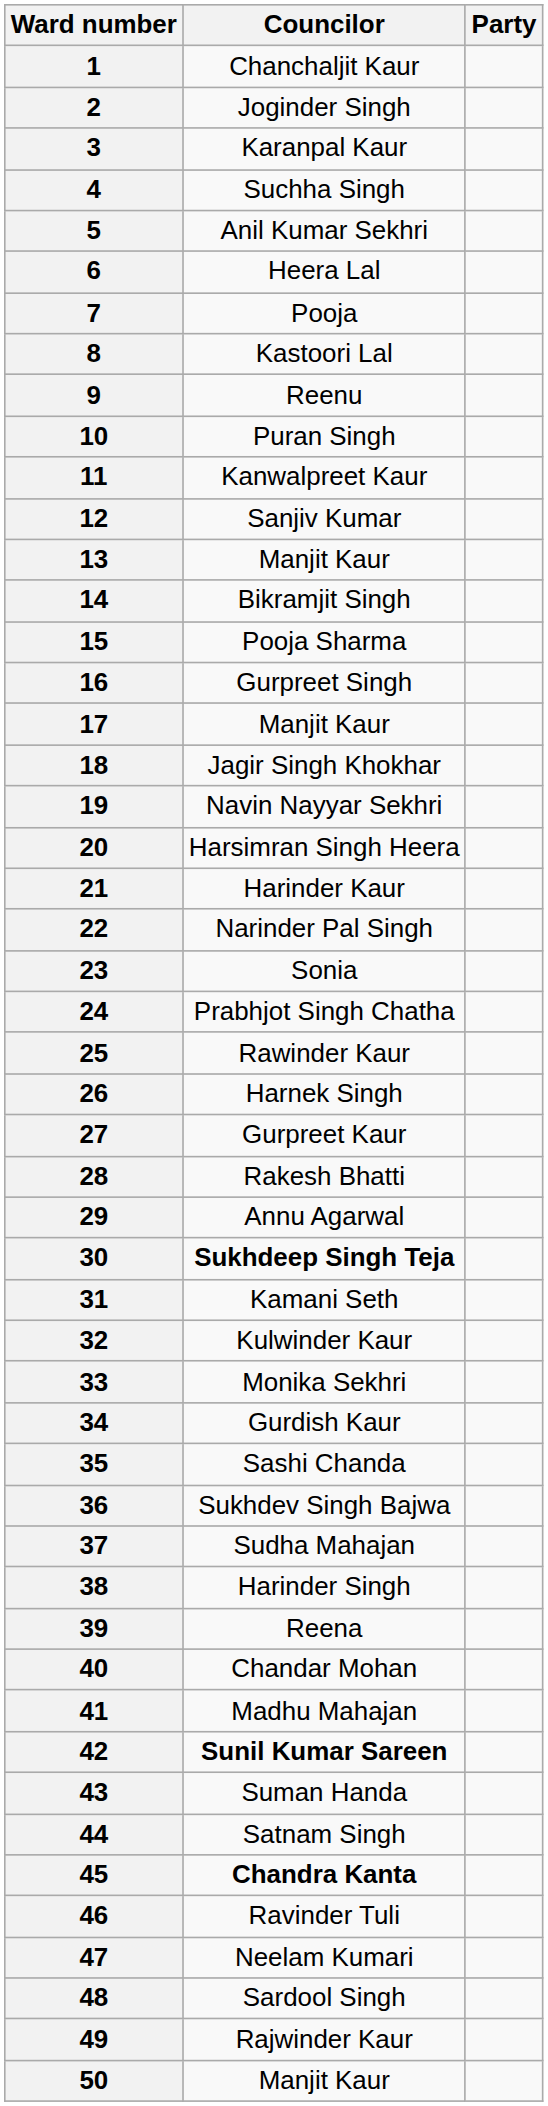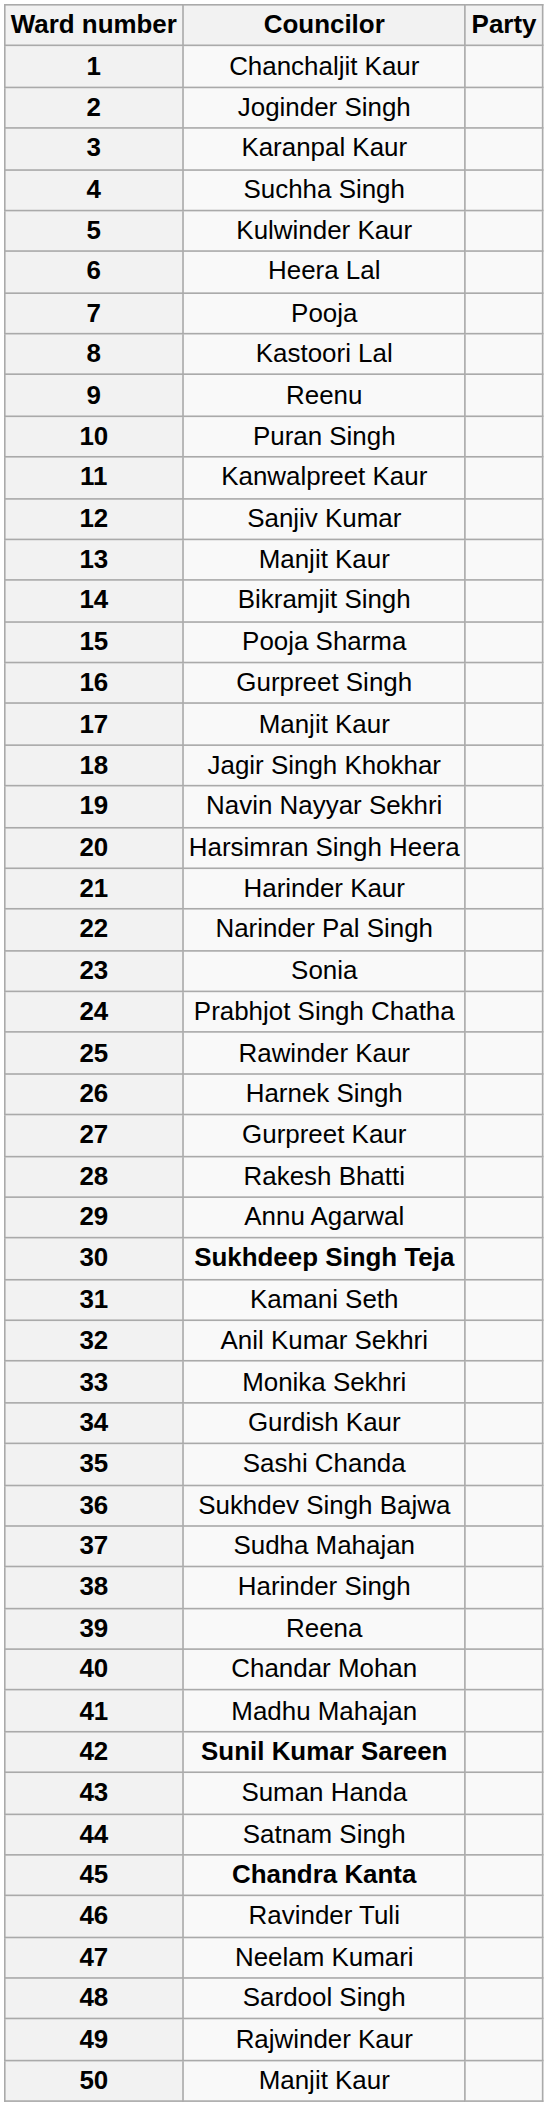 <table class="wikitable" style="text-align:center">
 <tr>
 <th>Ward number</th>
 <th>Councilor</th>
 <th colspan=2>Party</th>
 </tr>
 <tr>
 <th>1</th>
 <td>Chanchaljit Kaur</td>
 <td></td>
 </tr>
 <tr>
 <th>2</th>
 <td>Joginder Singh</td>
 <td></td>
 </tr>
 <tr>
 <th>3</th>
 <td>Karanpal Kaur</td>
 <td></td>
 </tr>
 <tr>
 <th>4</th>
 <td>Suchha Singh</td>
 <td></td>
 </tr>
 <tr>
 <th>5</th>
-<td>Anil Kumar Sekhri</td>
+<td>Kulwinder Kaur</td>
 <td></td>
 </tr>
 <tr>
 <th>6</th>
 <td>Heera Lal</td>
 <td></td>
 </tr>
 <tr>
 <th>7</th>
 <td>Pooja</td>
 <td></td>
 </tr>
 <tr>
 <th>8</th>
 <td>Kastoori Lal</td>
 <td></td>
 </tr>
 <tr>
 <th>9</th>
 <td>Reenu</td>
 <td></td>
 </tr>
 <tr>
 <th>10</th>
 <td>Puran Singh</td>
 <td></td>
 </tr>
 <tr>
 <th>11</th>
 <td>Kanwalpreet Kaur</td>
 <td></td>
 </tr>
 <tr>
 <th>12</th>
 <td>Sanjiv Kumar</td>
 <td></td>
 </tr>
 <tr>
 <th>13</th>
 <td>Manjit Kaur</td>
 <td></td>
 </tr>
 <tr>
 <th>14</th>
 <td>Bikramjit Singh</td>
 <td></td>
 </tr>
 <tr>
 <th>15</th>
 <td>Pooja Sharma</td>
 <td></td>
 </tr>
 <tr>
 <th>16</th>
 <td>Gurpreet Singh</td>
 <td></td>
 </tr>
 <tr>
 <th>17</th>
 <td>Manjit Kaur</td>
 <td></td>
 </tr>
 <tr>
 <th>18</th>
 <td>Jagir Singh Khokhar</td>
 <td></td>
 </tr>
 <tr>
 <th>19</th>
 <td>Navin Nayyar Sekhri</td>
 <td></td>
 </tr>
 <tr>
 <th>20</th>
 <td>Harsimran Singh Heera</td>
 <td></td>
 </tr>
 <tr>
 <th>21</th>
 <td>Harinder Kaur</td>
 <td></td>
 </tr>
 <tr>
 <th>22</th>
 <td>Narinder Pal Singh</td>
 <td></td>
 </tr>
 <tr>
 <th>23</th>
 <td>Sonia</td>
 <td></td>
 </tr>
 <tr>
 <th>24</th>
 <td>Prabhjot Singh Chatha</td>
 <td></td>
 </tr>
 <tr>
 <th>25</th>
 <td>Rawinder Kaur</td>
 <td></td>
 </tr>
 <tr>
 <th>26</th>
 <td>Harnek Singh</td>
 <td></td>
 </tr>
 <tr>
 <th>27</th>
 <td>Gurpreet Kaur</td>
 <td></td>
 </tr>
 <tr>
 <th>28</th>
 <td>Rakesh Bhatti</td>
 <td></td>
 </tr>
 <tr>
 <th>29</th>
 <td>Annu Agarwal</td>
 <td></td>
 </tr>
 <tr>
 <th>30</th>
 <td><strong>Sukhdeep Singh Teja</strong> <br></td>
 <td></td>
 </tr>
 <tr>
 <th>31</th>
 <td>Kamani Seth</td>
 <td></td>
 </tr>
 <tr>
 <th>32</th>
-<td>Kulwinder Kaur</td>
+<td>Anil Kumar Sekhri</td>
 <td></td>
 </tr>
 <tr>
 <th>33</th>
 <td>Monika Sekhri</td>
 <td></td>
 </tr>
 <tr>
 <th>34</th>
 <td>Gurdish Kaur</td>
 <td></td>
 </tr>
 <tr>
 <th>35</th>
 <td>Sashi Chanda</td>
 <td></td>
 </tr>
 <tr>
 <th>36</th>
 <td>Sukhdev Singh Bajwa</td>
 <td></td>
 </tr>
 <tr>
 <th>37</th>
 <td>Sudha Mahajan</td>
 <td></td>
 </tr>
 <tr>
 <th>38</th>
 <td>Harinder Singh</td>
 <td></td>
 </tr>
 <tr>
 <th>39</th>
 <td>Reena</td>
 <td></td>
 </tr>
 <tr>
 <th>40</th>
 <td>Chandar Mohan</td>
 <td></td>
 </tr>
 <tr>
 <th>41</th>
 <td>Madhu Mahajan</td>
 <td></td>
 </tr>
 <tr>
 <th>42</th>
 <td><strong>Sunil Kumar Sareen</strong><br></td>
 <td></td>
 </tr>
 <tr>
 <th>43</th>
 <td>Suman Handa</td>
 <td></td>
 </tr>
 <tr>
 <th>44</th>
 <td>Satnam Singh</td>
 <td></td>
 </tr>
 <tr>
 <th>45</th>
 <td><strong>Chandra Kanta</strong><br></td>
 <td></td>
 </tr>
 <tr>
 <th>46</th>
 <td>Ravinder Tuli</td>
 <td></td>
 </tr>
 <tr>
 <th>47</th>
 <td>Neelam Kumari</td>
 <td></td>
 </tr>
 <tr>
 <th>48</th>
 <td>Sardool Singh</td>
 <td></td>
 </tr>
 <tr>
 <th>49</th>
 <td>Rajwinder Kaur</td>
 <td></td>
 </tr>
 <tr>
 <th>50</th>
 <td>Manjit Kaur</td>
 <td></td>
 </tr>
 </table>
